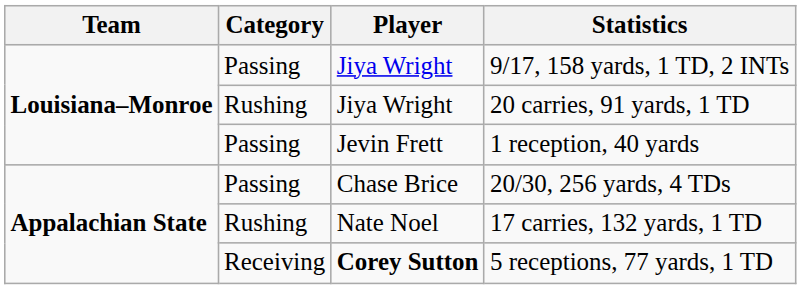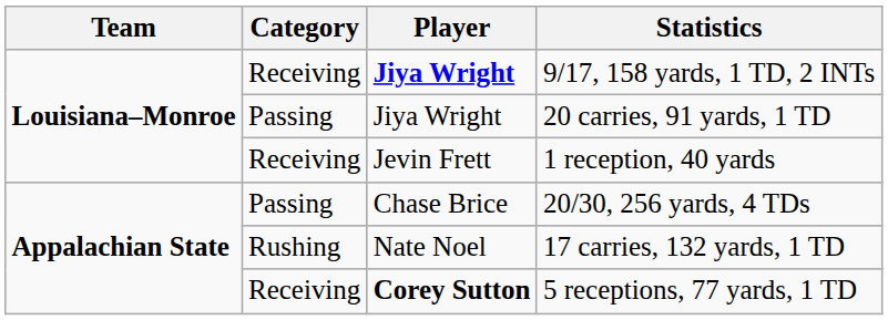 <table class="wikitable" style="float: left;">
 <tr>
 <th>Team</th>
 <th>Category</th>
 <th>Player</th>
 <th>Statistics</th>
 </tr>
 <tr>
 <td rowspan=3><strong>Louisiana–Monroe</strong></td>
-<td>Passing</td>
-<td><a href='#'>Jiya Wright</a></td>
+<td>Receiving</td>
+<td><strong><a href='#'>Jiya Wright</a></strong></td>
 <td>9/17, 158 yards, 1 TD, 2 INTs</td>
 </tr>
 <tr>
-<td>Rushing</td>
+<td>Passing</td>
 <td>Jiya Wright</td>
 <td>20 carries, 91 yards, 1 TD</td>
 </tr>
 <tr>
-<td>Passing</td>
+<td>Receiving</td>
 <td>Jevin Frett</td>
 <td>1 reception, 40 yards</td>
 </tr>
 <tr>
 <td rowspan=3><strong>Appalachian State</strong></td>
 <td>Passing</td>
 <td>Chase Brice</td>
 <td>20/30, 256 yards, 4 TDs</td>
 </tr>
 <tr>
 <td>Rushing</td>
 <td>Nate Noel</td>
 <td>17 carries, 132 yards, 1 TD</td>
 </tr>
 <tr>
 <td>Receiving</td>
 <td><strong>Corey Sutton</strong></td>
 <td>5 receptions, 77 yards, 1 TD</td>
 </tr>
 </table>
